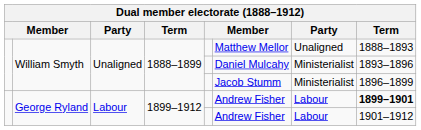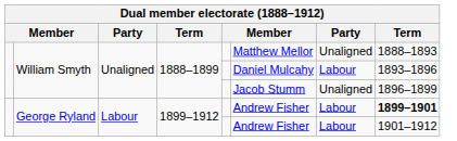 <table class="wikitable">
 <tr>
 <th colspan="8">Dual member electorate (1888–1912)</th>
 </tr>
 <tr>
 <th colspan="2">Member</th>
 <th>Party</th>
 <th>Term</th>
 <th colspan="2">Member</th>
 <th>Party</th>
 <th>Term</th>
 </tr>
 <tr>
 <td rowspan="3" > </td>
 <td rowspan="3">William Smyth</td>
 <td rowspan="3">Unaligned</td>
 <td rowspan="3">1888–1899</td>
 <td> </td>
 <td><a href='#'>Matthew Mellor</a></td>
 <td>Unaligned</td>
 <td>1888–1893</td>
 </tr>
 <tr>
 <td> </td>
 <td><a href='#'>Daniel Mulcahy</a></td>
-<td>Ministerialist</td>
+<td><a href='#'>Labour</a></td>
 <td>1893–1896</td>
 </tr>
 <tr>
 <td> </td>
 <td><a href='#'>Jacob Stumm</a></td>
-<td>Ministerialist</td>
+<td>Unaligned</td>
 <td>1896–1899</td>
 </tr>
 <tr>
 <td rowspan="2" > </td>
 <td rowspan="2"><a href='#'>George Ryland</a></td>
 <td rowspan="2"><a href='#'>Labour</a></td>
 <td rowspan="2">1899–1912</td>
 <td> </td>
 <td><a href='#'>Andrew Fisher</a></td>
 <td><a href='#'>Labour</a></td>
 <td><strong>1899–1901</strong></td>
 </tr>
 <tr>
 <td> </td>
 <td><a href='#'>Andrew Fisher</a></td>
 <td><a href='#'>Labour</a></td>
 <td>1901–1912</td>
 </tr>
 </table>
